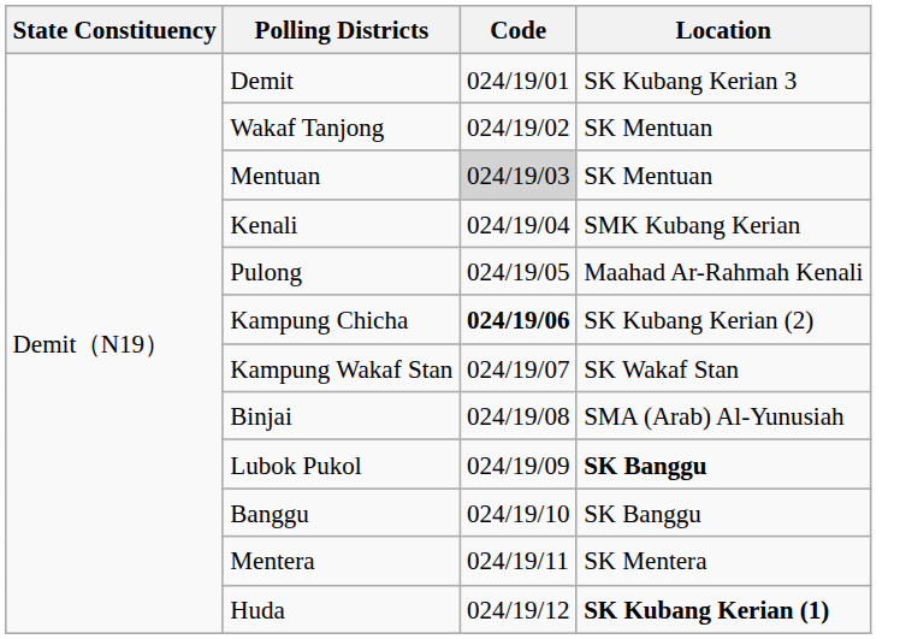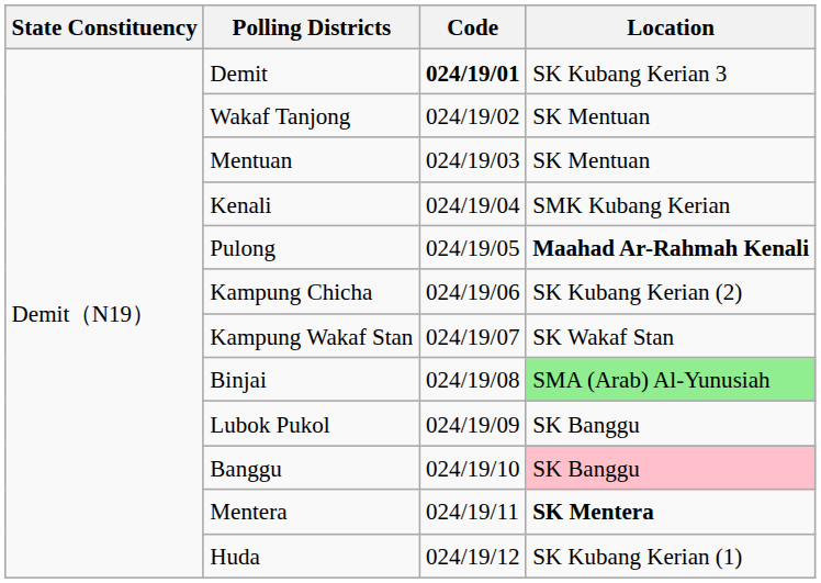 <table class="wikitable sortable mw-collapsible">
 <tr>
 <th><small>State Constituency</small></th>
 <th><small>Polling Districts</small></th>
 <th><small>Code</small></th>
 <th><small>Location</small></th>
 </tr>
 <tr>
 <td rowspan="12"><small>Demit（N19）</small></td>
 <td><small>Demit</small></td>
-<td><small>024/19/01</small></td>
+<td><strong><small>024/19/01</small></strong></td>
 <td><small>SK Kubang Kerian 3</small></td>
 </tr>
 <tr>
 <td><small>Wakaf Tanjong</small></td>
 <td><small>024/19/02</small></td>
 <td><small>SK Mentuan</small></td>
 </tr>
 <tr>
 <td><small>Mentuan</small></td>
-<td style="background: lightgrey;"><small>024/19/03</small></td>
+<td><small>024/19/03</small></td>
 <td><small>SK Mentuan</small></td>
 </tr>
 <tr>
 <td><small>Kenali</small></td>
 <td><small>024/19/04</small></td>
 <td><small>SMK Kubang Kerian</small></td>
 </tr>
 <tr>
 <td><small>Pulong</small></td>
 <td><small>024/19/05</small></td>
-<td><small>Maahad Ar-Rahmah Kenali</small></td>
+<td><strong><small>Maahad Ar-Rahmah Kenali</small></strong></td>
 </tr>
 <tr>
 <td><small>Kampung Chicha</small></td>
-<td><strong><small>024/19/06</small></strong></td>
+<td><small>024/19/06</small></td>
 <td><small>SK Kubang Kerian (2)</small></td>
 </tr>
 <tr>
 <td><small>Kampung Wakaf Stan</small></td>
 <td><small>024/19/07</small></td>
 <td><small>SK Wakaf Stan</small></td>
 </tr>
 <tr>
 <td><small>Binjai</small></td>
 <td><small>024/19/08</small></td>
-<td><small>SMA (Arab) Al-Yunusiah</small></td>
+<td style="background: lightgreen;"><small>SMA (Arab) Al-Yunusiah</small></td>
 </tr>
 <tr>
 <td><small>Lubok Pukol</small></td>
 <td><small>024/19/09</small></td>
-<td><strong><small>SK Banggu</small></strong></td>
+<td><small>SK Banggu</small></td>
 </tr>
 <tr>
 <td><small>Banggu</small></td>
 <td><small>024/19/10</small></td>
-<td><small>SK Banggu</small></td>
+<td style="background: pink;"><small>SK Banggu</small></td>
 </tr>
 <tr>
 <td><small>Mentera</small></td>
 <td><small>024/19/11</small></td>
-<td><small>SK Mentera</small></td>
+<td><strong><small>SK Mentera</small></strong></td>
 </tr>
 <tr>
 <td><small>Huda</small></td>
 <td><small>024/19/12</small></td>
-<td><strong><small>SK Kubang Kerian (1)</small></strong></td>
+<td><small>SK Kubang Kerian (1)</small></td>
 </tr>
 </table>
